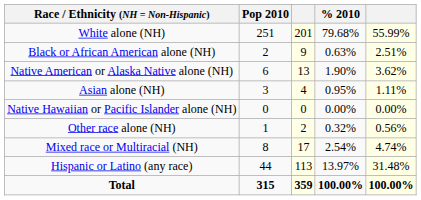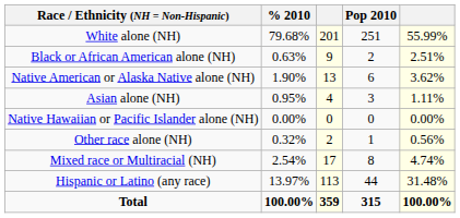 <table class="wikitable" style="text-align:center;">
 <tr>
 <th>Race / Ethnicity <small>(<em>NH = Non-Hispanic</em>)</small></th>
+<th>% 2010</th>
+<th></th>
 <th>Pop 2010</th>
-<th></th>
-<th>% 2010</th>
 <th></th>
 </tr>
 <tr>
 <td><a href='#'>White</a> alone (NH)</td>
+<td>79.68%</td>
+<td style='background: #ffffe6;'>201</td>
 <td>251</td>
-<td style='background: #ffffe6;'>201</td>
-<td>79.68%</td>
 <td style='background: #ffffe6;'>55.99%</td>
 </tr>
 <tr>
 <td><a href='#'>Black or African American</a> alone (NH)</td>
+<td>0.63%</td>
+<td style='background: #ffffe6;'>9</td>
 <td>2</td>
-<td style='background: #ffffe6;'>9</td>
-<td>0.63%</td>
 <td style='background: #ffffe6;'>2.51%</td>
 </tr>
 <tr>
 <td><a href='#'>Native American</a> or <a href='#'>Alaska Native</a> alone (NH)</td>
+<td>1.90%</td>
+<td style='background: #ffffe6;'>13</td>
 <td>6</td>
-<td style='background: #ffffe6;'>13</td>
-<td>1.90%</td>
 <td style='background: #ffffe6;'>3.62%</td>
 </tr>
 <tr>
 <td><a href='#'>Asian</a> alone (NH)</td>
+<td>0.95%</td>
+<td style='background: #ffffe6;'>4</td>
 <td>3</td>
-<td style='background: #ffffe6;'>4</td>
-<td>0.95%</td>
 <td style='background: #ffffe6;'>1.11%</td>
 </tr>
 <tr>
 <td><a href='#'>Native Hawaiian</a> or <a href='#'>Pacific Islander</a> alone (NH)</td>
+<td>0.00%</td>
+<td style='background: #ffffe6;'>0</td>
 <td>0</td>
-<td style='background: #ffffe6;'>0</td>
-<td>0.00%</td>
 <td style='background: #ffffe6;'>0.00%</td>
 </tr>
 <tr>
 <td><a href='#'>Other race</a> alone (NH)</td>
+<td>0.32%</td>
+<td style='background: #ffffe6;'>2</td>
 <td>1</td>
-<td style='background: #ffffe6;'>2</td>
-<td>0.32%</td>
 <td style='background: #ffffe6;'>0.56%</td>
 </tr>
 <tr>
 <td><a href='#'>Mixed race or Multiracial</a> (NH)</td>
+<td>2.54%</td>
+<td style='background: #ffffe6;'>17</td>
 <td>8</td>
-<td style='background: #ffffe6;'>17</td>
-<td>2.54%</td>
 <td style='background: #ffffe6;'>4.74%</td>
 </tr>
 <tr>
 <td><a href='#'>Hispanic or Latino</a> (any race)</td>
+<td>13.97%</td>
+<td style='background: #ffffe6;'>113</td>
 <td>44</td>
-<td style='background: #ffffe6;'>113</td>
-<td>13.97%</td>
 <td style='background: #ffffe6;'>31.48%</td>
 </tr>
 <tr>
 <td><strong>Total</strong></td>
+<td><strong>100.00%</strong></td>
+<td style='background: #ffffe6;'><strong>359</strong></td>
 <td><strong>315</strong></td>
-<td style='background: #ffffe6;'><strong>359</strong></td>
-<td><strong>100.00%</strong></td>
 <td style='background: #ffffe6;'><strong>100.00%</strong></td>
 </tr>
 </table>
